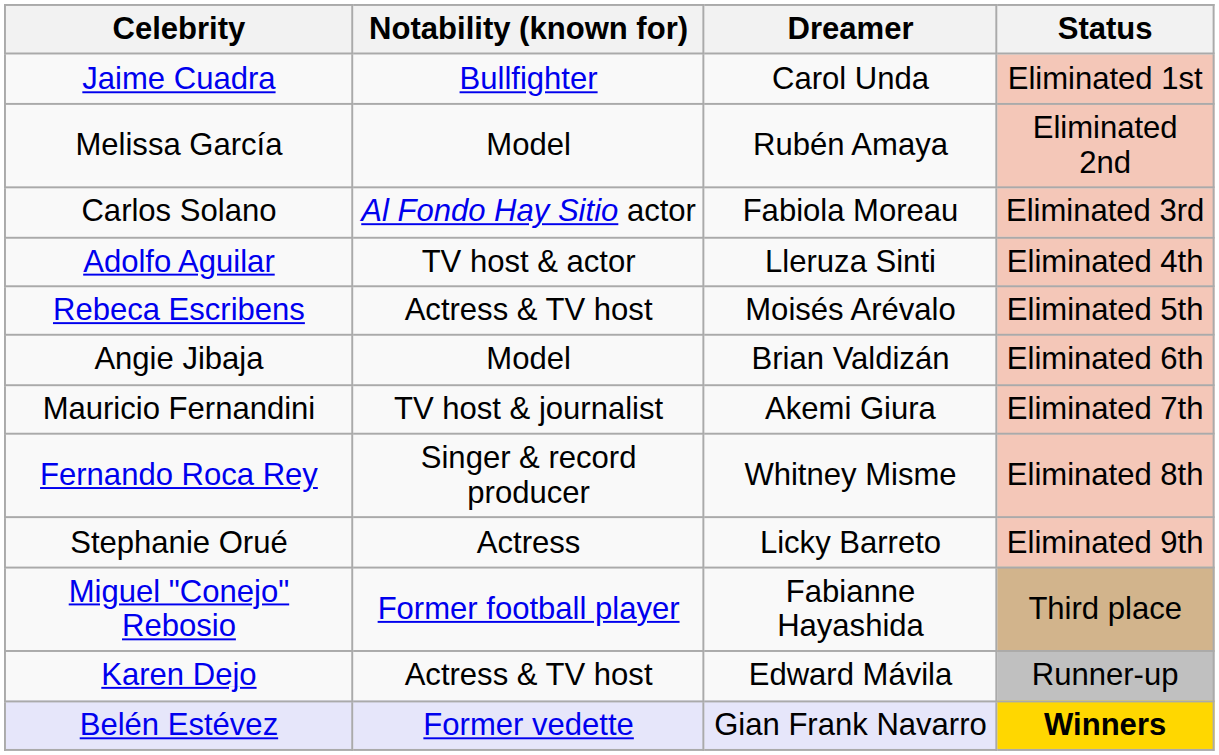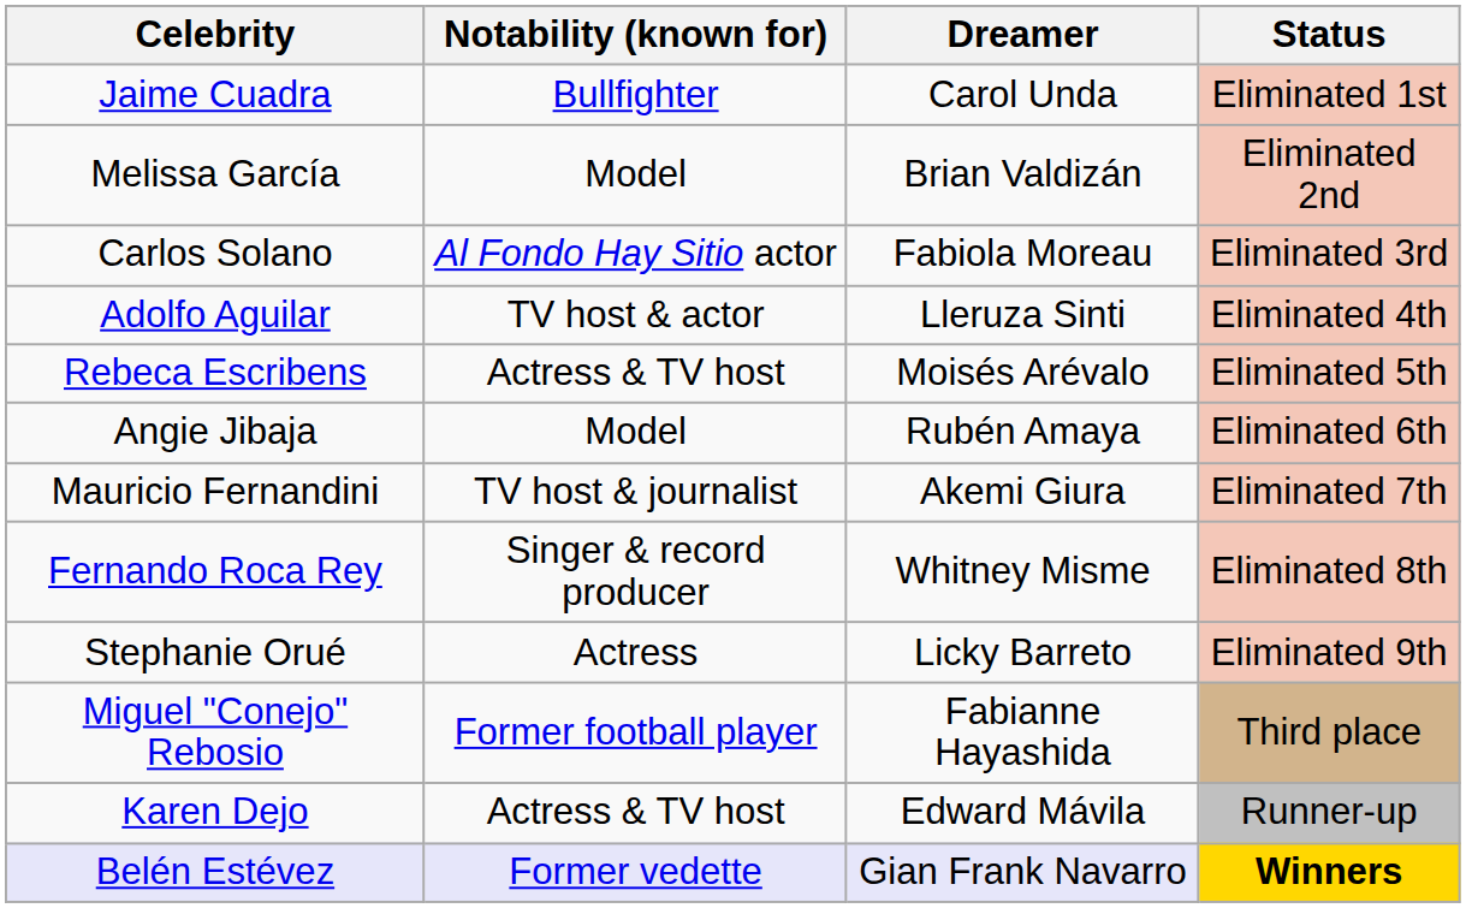 <table class= "wikitable sortable" style="text-align: center; margin:auto; align: center">
 <tr>
 <th>Celebrity</th>
 <th>Notability (known for)</th>
 <th>Dreamer</th>
 <th>Status</th>
 </tr>
 <tr>
 <td><a href='#'>Jaime Cuadra</a></td>
 <td><a href='#'>Bullfighter</a></td>
 <td>Carol Unda</td>
 <td style="background:#f4c7b8">Eliminated 1st<br></td>
 </tr>
 <tr>
 <td>Melissa García</td>
 <td>Model</td>
-<td>Rubén Amaya</td>
+<td>Brian Valdizán</td>
 <td style="background:#f4c7b8">Eliminated 2nd<br></td>
 </tr>
 <tr>
 <td>Carlos Solano</td>
 <td><em><a href='#'>Al Fondo Hay Sitio</a></em> actor</td>
 <td>Fabiola Moreau</td>
 <td style="background:#f4c7b8">Eliminated 3rd<br></td>
 </tr>
 <tr>
 <td><a href='#'>Adolfo Aguilar</a></td>
 <td>TV host & actor</td>
 <td>Lleruza Sinti</td>
 <td style="background:#f4c7b8">Eliminated 4th<br></td>
 </tr>
 <tr>
 <td><a href='#'>Rebeca Escribens</a></td>
 <td>Actress & TV host</td>
 <td>Moisés Arévalo</td>
 <td style="background:#f4c7b8">Eliminated 5th<br></td>
 </tr>
 <tr>
 <td>Angie Jibaja</td>
 <td>Model</td>
-<td>Brian Valdizán</td>
+<td>Rubén Amaya</td>
 <td style="background:#f4c7b8">Eliminated 6th<br></td>
 </tr>
 <tr>
 <td>Mauricio Fernandini</td>
 <td>TV host & journalist</td>
 <td>Akemi Giura</td>
 <td style="background:#f4c7b8">Eliminated 7th<br></td>
 </tr>
 <tr>
 <td><a href='#'>Fernando Roca Rey</a></td>
 <td>Singer & record producer</td>
 <td>Whitney Misme<br></td>
 <td style="background:#f4c7b8">Eliminated 8th<br></td>
 </tr>
 <tr>
 <td>Stephanie Orué</td>
 <td>Actress</td>
 <td>Licky Barreto</td>
 <td style="background:#f4c7b8">Eliminated 9th<br></td>
 </tr>
 <tr>
 <td><a href='#'>Miguel "Conejo" Rebosio</a></td>
 <td><a href='#'>Former football player</a></td>
 <td>Fabianne Hayashida</td>
 <td bgcolor="tan">Third place<br></td>
 </tr>
 <tr>
 <td><a href='#'>Karen Dejo</a></td>
 <td>Actress & TV host</td>
 <td>Edward Mávila</td>
 <td bgcolor="silver">Runner-up<br></td>
 </tr>
 <tr>
 <td bgcolor="lavender"><a href='#'>Belén Estévez</a></td>
 <td bgcolor="lavender"><a href='#'>Former vedette</a></td>
 <td bgcolor="lavender">Gian Frank Navarro</td>
 <td bgcolor="gold"><strong>Winners</strong><br></td>
 </tr>
 </table>
